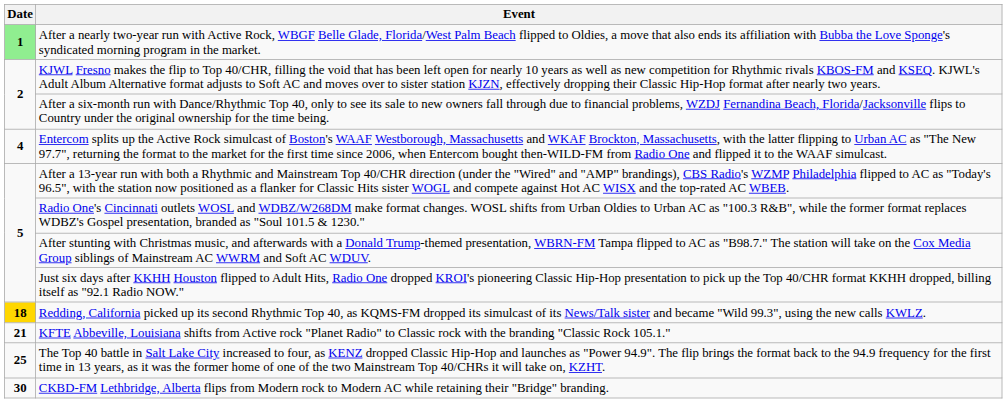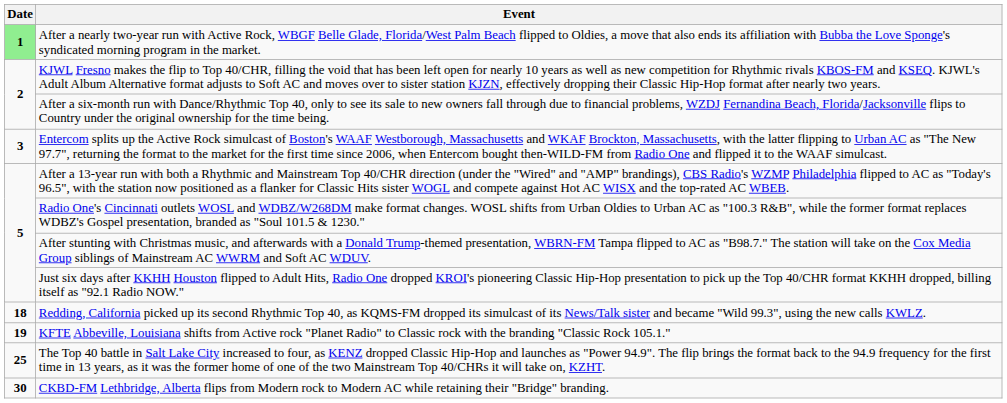 <table class="wikitable">
 <tr>
 <th>Date</th>
 <th>Event</th>
 </tr>
 <tr>
 <td style="background: lightgreen; text-align:center;"><strong>1</strong></td>
 <td>After a nearly two-year run with Active Rock, <a href='#'>WBGF</a> <a href='#'>Belle Glade, Florida</a>/<a href='#'>West Palm Beach</a> flipped to Oldies, a move that also ends its affiliation with <a href='#'>Bubba the Love Sponge</a>'s syndicated morning program in the market.</td>
 </tr>
 <tr>
 <td style="text-align:center;" rowspan=2><strong>2</strong></td>
 <td><a href='#'>KJWL</a> <a href='#'>Fresno</a> makes the flip to Top 40/CHR, filling the void that has been left open for nearly 10 years as well as new competition for Rhythmic rivals <a href='#'>KBOS-FM</a> and <a href='#'>KSEQ</a>. KJWL's Adult Album Alternative format adjusts to Soft AC and moves over to sister station <a href='#'>KJZN</a>, effectively dropping their Classic Hip-Hop format after nearly two years.</td>
 </tr>
 <tr>
 <td>After a six-month run with Dance/Rhythmic Top 40, only to see its sale to new owners fall through due to financial problems, <a href='#'>WZDJ</a> <a href='#'>Fernandina Beach, Florida</a>/<a href='#'>Jacksonville</a> flips to Country under the original ownership for the time being.</td>
 </tr>
 <tr>
-<td style="text-align:center;"><strong>4</strong></td>
+<td style="text-align:center;"><strong>3</strong></td>
 <td><a href='#'>Entercom</a> splits up the Active Rock simulcast of <a href='#'>Boston</a>'s <a href='#'>WAAF</a> <a href='#'>Westborough, Massachusetts</a> and <a href='#'>WKAF</a> <a href='#'>Brockton, Massachusetts</a>, with the latter flipping to <a href='#'>Urban AC</a> as "The New 97.7", returning the format to the market for the first time since 2006, when Entercom bought then-WILD-FM from <a href='#'>Radio One</a> and flipped it to the WAAF simulcast.</td>
 </tr>
 <tr>
 <td style="text-align:center;" rowspan=4><strong>5</strong></td>
 <td>After a 13-year run with both a Rhythmic and Mainstream Top 40/CHR direction (under the "Wired" and "AMP" brandings), <a href='#'>CBS Radio</a>'s <a href='#'>WZMP</a> <a href='#'>Philadelphia</a> flipped to AC as "Today's 96.5", with the station now positioned as a flanker for Classic Hits sister <a href='#'>WOGL</a> and compete against Hot AC <a href='#'>WISX</a> and the top-rated AC <a href='#'>WBEB</a>.</td>
 </tr>
 <tr>
 <td><a href='#'>Radio One</a>'s <a href='#'>Cincinnati</a> outlets <a href='#'>WOSL</a> and <a href='#'>WDBZ/W268DM</a> make format changes. WOSL shifts from Urban Oldies to Urban AC as "100.3 R&B", while the former format replaces WDBZ's Gospel presentation, branded as "Soul 101.5 & 1230."</td>
 </tr>
 <tr>
 <td>After stunting with Christmas music, and afterwards with a <a href='#'>Donald Trump</a>-themed presentation, <a href='#'>WBRN-FM</a> Tampa flipped to AC as "B98.7." The station will take on the <a href='#'>Cox Media Group</a> siblings of Mainstream AC <a href='#'>WWRM</a> and Soft AC <a href='#'>WDUV</a>.</td>
 </tr>
 <tr>
 <td>Just six days after <a href='#'>KKHH</a> <a href='#'>Houston</a> flipped to Adult Hits, <a href='#'>Radio One</a> dropped <a href='#'>KROI</a>'s pioneering Classic Hip-Hop presentation to pick up the Top 40/CHR format KKHH dropped, billing itself as "92.1 Radio NOW."</td>
 </tr>
 <tr>
-<td style="background: gold; text-align:center;"><strong>18</strong></td>
+<td style="text-align:center;"><strong>18</strong></td>
 <td><a href='#'>Redding, California</a> picked up its second Rhythmic Top 40, as KQMS-FM dropped its simulcast of its <a href='#'>News/Talk sister</a> and became "Wild 99.3", using the new calls <a href='#'>KWLZ</a>.</td>
 </tr>
 <tr>
-<td style="text-align:center;"><strong>21</strong></td>
+<td style="text-align:center;"><strong>19</strong></td>
 <td><a href='#'>KFTE</a> <a href='#'>Abbeville, Louisiana</a> shifts from Active rock "Planet Radio" to Classic rock with the branding "Classic Rock 105.1."</td>
 </tr>
 <tr>
 <td style="text-align:center;"><strong>25</strong></td>
 <td>The Top 40 battle in <a href='#'>Salt Lake City</a> increased to four, as <a href='#'>KENZ</a> dropped Classic Hip-Hop and launches as "Power 94.9". The flip brings the format back to the 94.9 frequency for the first time in 13 years, as it was the former home of one of the two Mainstream Top 40/CHRs it will take on, <a href='#'>KZHT</a>.</td>
 </tr>
 <tr>
 <td style="text-align:center;"><strong>30</strong></td>
 <td><a href='#'>CKBD-FM</a> <a href='#'>Lethbridge, Alberta</a> flips from Modern rock to Modern AC while retaining their "Bridge" branding.</td>
 </tr>
 </table>
